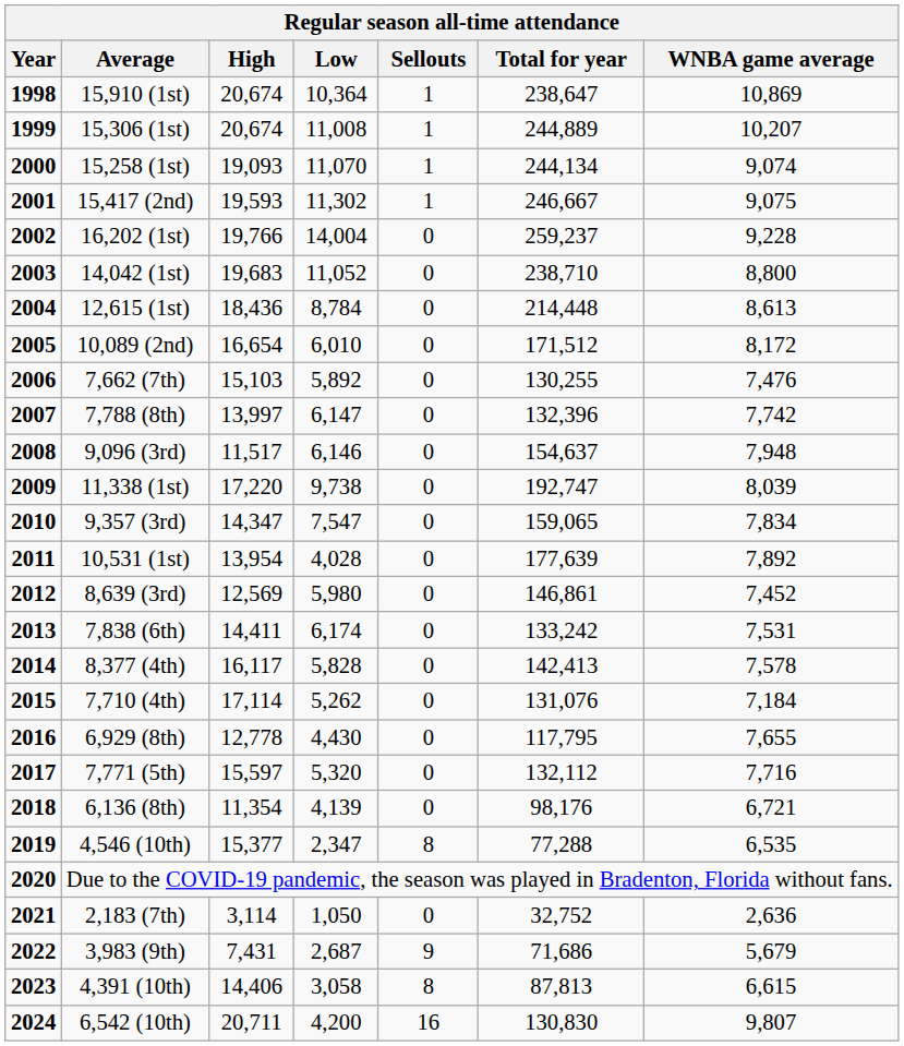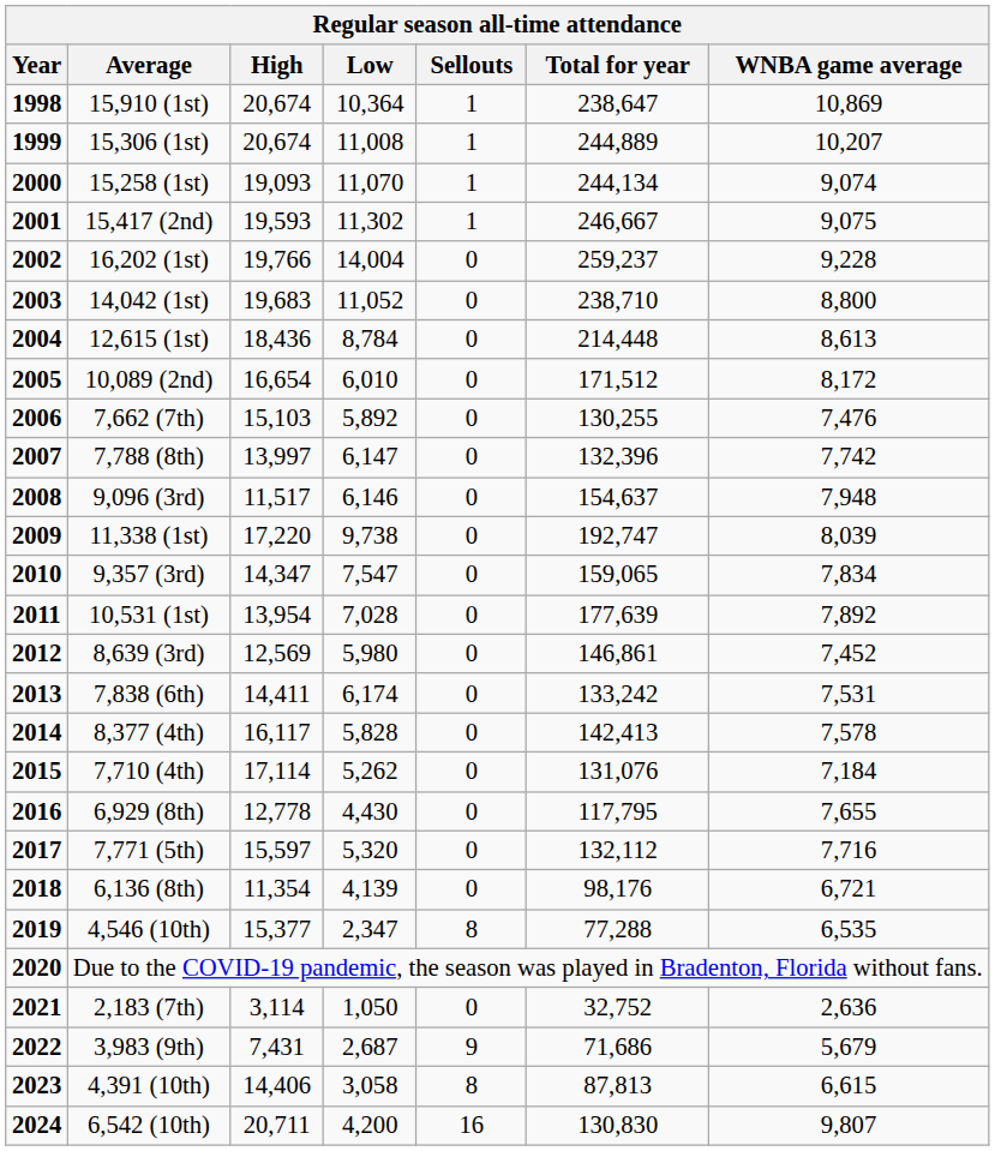 <table class="wikitable" style="clear:both; margin:1.5em auto; text-align:center;">
 <tr>
 <th colspan="7">Regular season all-time attendance</th>
 </tr>
 <tr valign="top">
 <th><strong>Year</strong></th>
 <th><strong>Average</strong></th>
 <th><strong>High</strong></th>
 <th><strong>Low</strong></th>
 <th><strong>Sellouts</strong></th>
 <th><strong>Total for year</strong></th>
 <th><strong>WNBA game average</strong></th>
 </tr>
 <tr style="text-align:center;">
 <td><strong>1998</strong></td>
 <td>15,910 (1st)</td>
 <td>20,674</td>
 <td>10,364</td>
 <td>1</td>
 <td>238,647</td>
 <td>10,869</td>
 </tr>
 <tr style="text-align:center;">
 <td><strong>1999</strong></td>
 <td>15,306 (1st)</td>
 <td>20,674</td>
 <td>11,008</td>
 <td>1</td>
 <td>244,889</td>
 <td>10,207</td>
 </tr>
 <tr style="text-align:center;">
 <td><strong>2000</strong></td>
 <td>15,258 (1st)</td>
 <td>19,093</td>
 <td>11,070</td>
 <td>1</td>
 <td>244,134</td>
 <td>9,074</td>
 </tr>
 <tr style="text-align:center;">
 <td><strong>2001</strong></td>
 <td>15,417 (2nd)</td>
 <td>19,593</td>
 <td>11,302</td>
 <td>1</td>
 <td>246,667</td>
 <td>9,075</td>
 </tr>
 <tr style="text-align:center;">
 <td><strong>2002</strong></td>
 <td>16,202 (1st)</td>
 <td>19,766</td>
 <td>14,004</td>
 <td>0</td>
 <td>259,237</td>
 <td>9,228</td>
 </tr>
 <tr style="text-align:center;">
 <td><strong>2003</strong></td>
 <td>14,042 (1st)</td>
 <td>19,683</td>
 <td>11,052</td>
 <td>0</td>
 <td>238,710</td>
 <td>8,800</td>
 </tr>
 <tr style="text-align:center;">
 <td><strong>2004</strong></td>
 <td>12,615 (1st)</td>
 <td>18,436</td>
 <td>8,784</td>
 <td>0</td>
 <td>214,448</td>
 <td>8,613</td>
 </tr>
 <tr style="text-align:center;">
 <td><strong>2005</strong></td>
 <td>10,089 (2nd)</td>
 <td>16,654</td>
 <td>6,010</td>
 <td>0</td>
 <td>171,512</td>
 <td>8,172</td>
 </tr>
 <tr style="text-align:center;">
 <td><strong>2006</strong></td>
 <td>7,662 (7th)</td>
 <td>15,103</td>
 <td>5,892</td>
 <td>0</td>
 <td>130,255</td>
 <td>7,476</td>
 </tr>
 <tr style="text-align:center;">
 <td><strong>2007</strong></td>
 <td>7,788 (8th)</td>
 <td>13,997</td>
 <td>6,147</td>
 <td>0</td>
 <td>132,396</td>
 <td>7,742</td>
 </tr>
 <tr style="text-align:center;">
 <td><strong>2008</strong></td>
 <td>9,096 (3rd)</td>
 <td>11,517</td>
 <td>6,146</td>
 <td>0</td>
 <td>154,637</td>
 <td>7,948</td>
 </tr>
 <tr style="text-align:center;">
 <td><strong>2009</strong></td>
 <td>11,338 (1st)</td>
 <td>17,220</td>
 <td>9,738</td>
 <td>0</td>
 <td>192,747</td>
 <td>8,039</td>
 </tr>
 <tr style="text-align:center;">
 <td><strong>2010</strong></td>
 <td>9,357 (3rd)</td>
 <td>14,347</td>
 <td>7,547</td>
 <td>0</td>
 <td>159,065</td>
 <td>7,834</td>
 </tr>
 <tr style="text-align:center;">
 <td><strong>2011</strong></td>
 <td>10,531 (1st)</td>
 <td>13,954</td>
-<td>4,028</td>
+<td>7,028</td>
 <td>0</td>
 <td>177,639</td>
 <td>7,892</td>
 </tr>
 <tr style="text-align:center;">
 <td><strong>2012</strong></td>
 <td>8,639 (3rd)</td>
 <td>12,569</td>
 <td>5,980</td>
 <td>0</td>
 <td>146,861</td>
 <td>7,452</td>
 </tr>
 <tr style="text-align:center;">
 <td><strong>2013</strong></td>
 <td>7,838 (6th)</td>
 <td>14,411</td>
 <td>6,174</td>
 <td>0</td>
 <td>133,242</td>
 <td>7,531</td>
 </tr>
 <tr style="text-align:center;">
 <td><strong>2014</strong></td>
 <td>8,377 (4th)</td>
 <td>16,117</td>
 <td>5,828</td>
 <td>0</td>
 <td>142,413</td>
 <td>7,578</td>
 </tr>
 <tr style="text-align:center;">
 <td><strong>2015</strong></td>
 <td>7,710 (4th)</td>
 <td>17,114</td>
 <td>5,262</td>
 <td>0</td>
 <td>131,076</td>
 <td>7,184</td>
 </tr>
 <tr style="text-align:center;">
 <td><strong>2016</strong></td>
 <td>6,929 (8th)</td>
 <td>12,778</td>
 <td>4,430</td>
 <td>0</td>
 <td>117,795</td>
 <td>7,655</td>
 </tr>
 <tr style="text-align:center;">
 <td><strong>2017</strong></td>
 <td>7,771 (5th)</td>
 <td>15,597</td>
 <td>5,320</td>
 <td>0</td>
 <td>132,112</td>
 <td>7,716</td>
 </tr>
 <tr style="text-align:center;">
 <td><strong>2018</strong></td>
 <td>6,136 (8th)</td>
 <td>11,354</td>
 <td>4,139</td>
 <td>0</td>
 <td>98,176</td>
 <td>6,721</td>
 </tr>
 <tr style="text-align:center;">
 <td><strong>2019</strong></td>
 <td>4,546 (10th)</td>
 <td>15,377</td>
 <td>2,347</td>
 <td>8</td>
 <td>77,288</td>
 <td>6,535</td>
 </tr>
 <tr align="center">
 <td><strong>2020</strong></td>
 <td colspan=6>Due to the <a href='#'>COVID-19 pandemic</a>, the season was played in <a href='#'>Bradenton, Florida</a> without fans.</td>
 </tr>
 <tr style="text-align:center;">
 <td><strong>2021</strong></td>
 <td>2,183 (7th)</td>
 <td>3,114</td>
 <td>1,050</td>
 <td>0</td>
 <td>32,752</td>
 <td>2,636</td>
 </tr>
 <tr style="text-align:center;">
 <td><strong>2022</strong></td>
 <td>3,983 (9th)</td>
 <td>7,431</td>
 <td>2,687</td>
 <td>9</td>
 <td>71,686</td>
 <td>5,679</td>
 </tr>
 <tr>
 <td><strong>2023</strong></td>
 <td>4,391 (10th)</td>
 <td>14,406</td>
 <td>3,058</td>
 <td>8</td>
 <td>87,813</td>
 <td>6,615</td>
 </tr>
 <tr>
 <td><strong>2024</strong></td>
 <td>6,542 (10th)</td>
 <td>20,711</td>
 <td>4,200</td>
 <td>16</td>
 <td>130,830</td>
 <td>9,807</td>
 </tr>
 </table>
